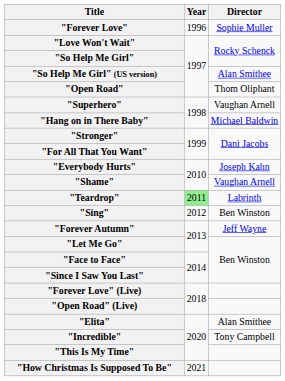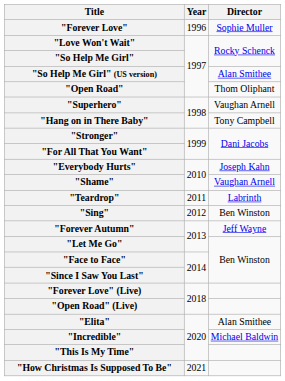 <table class="wikitable plainrowheaders" style="text-align:center;">
 <tr>
 <th scope="col" style="width:18em;">Title</th>
 <th scope="col" style="width:1em;">Year</th>
 <th scope="col">Director</th>
 </tr>
 <tr>
 <th scope="row">"Forever Love"</th>
 <td>1996</td>
 <td><a href='#'>Sophie Muller</a></td>
 </tr>
 <tr>
 <th scope="row">"Love Won't Wait"</th>
 <td rowspan="4">1997</td>
 <td rowspan="2"><a href='#'>Rocky Schenck</a></td>
 </tr>
 <tr>
 <th scope="row">"So Help Me Girl"</th>
 </tr>
 <tr>
 <th scope="row">"So Help Me Girl" <small>(US version)</small></th>
 <td><a href='#'>Alan Smithee</a></td>
 </tr>
 <tr>
 <th scope="row">"Open Road"</th>
 <td>Thom Oliphant</td>
 </tr>
 <tr>
 <th scope="row">"Superhero"</th>
 <td rowspan="2">1998</td>
 <td>Vaughan Arnell</td>
 </tr>
 <tr>
 <th scope="row">"Hang on in There Baby"</th>
-<td><a href='#'>Michael Baldwin</a></td>
+<td>Tony Campbell</td>
 </tr>
 <tr>
 <th scope="row">"Stronger"</th>
 <td rowspan="2">1999</td>
 <td rowspan="2"><a href='#'>Dani Jacobs</a></td>
 </tr>
 <tr>
 <th scope="row">"For All That You Want"</th>
 </tr>
 <tr>
 <th scope="row">"Everybody Hurts"</th>
 <td rowspan="2">2010</td>
 <td><a href='#'>Joseph Kahn</a></td>
 </tr>
 <tr>
 <th scope="row">"Shame"</th>
 <td><a href='#'>Vaughan Arnell</a></td>
 </tr>
 <tr>
 <th scope="row">"Teardrop"</th>
-<td style="background: lightgreen;">2011</td>
+<td>2011</td>
 <td><a href='#'>Labrinth</a></td>
 </tr>
 <tr>
 <th scope="row">"Sing"</th>
 <td>2012</td>
 <td>Ben Winston</td>
 </tr>
 <tr>
 <th scope="row">"Forever Autumn"</th>
 <td rowspan="2">2013</td>
 <td><a href='#'>Jeff Wayne</a></td>
 </tr>
 <tr>
 <th scope="row">"Let Me Go"</th>
 <td rowspan="3">Ben Winston</td>
 </tr>
 <tr>
 <th scope="row">"Face to Face"</th>
 <td rowspan="2">2014</td>
 </tr>
 <tr>
 <th scope="row">"Since I Saw You Last"</th>
 </tr>
 <tr>
 <th scope="row">"Forever Love" (Live)</th>
 <td rowspan="2">2018</td>
 <td></td>
 </tr>
 <tr>
 <th scope="row">"Open Road" (Live)</th>
 <td></td>
 </tr>
 <tr>
 <th scope="row">"Elita"</th>
 <td rowspan="3">2020</td>
 <td>Alan Smithee</td>
 </tr>
 <tr>
 <th scope="row">"Incredible"</th>
-<td>Tony Campbell</td>
+<td><a href='#'>Michael Baldwin</a></td>
 </tr>
 <tr>
 <th scope="row">"This Is My Time"</th>
 <td></td>
 </tr>
 <tr>
 <th scope="row">"How Christmas Is Supposed To Be"</th>
 <td>2021</td>
 </tr>
 </table>
